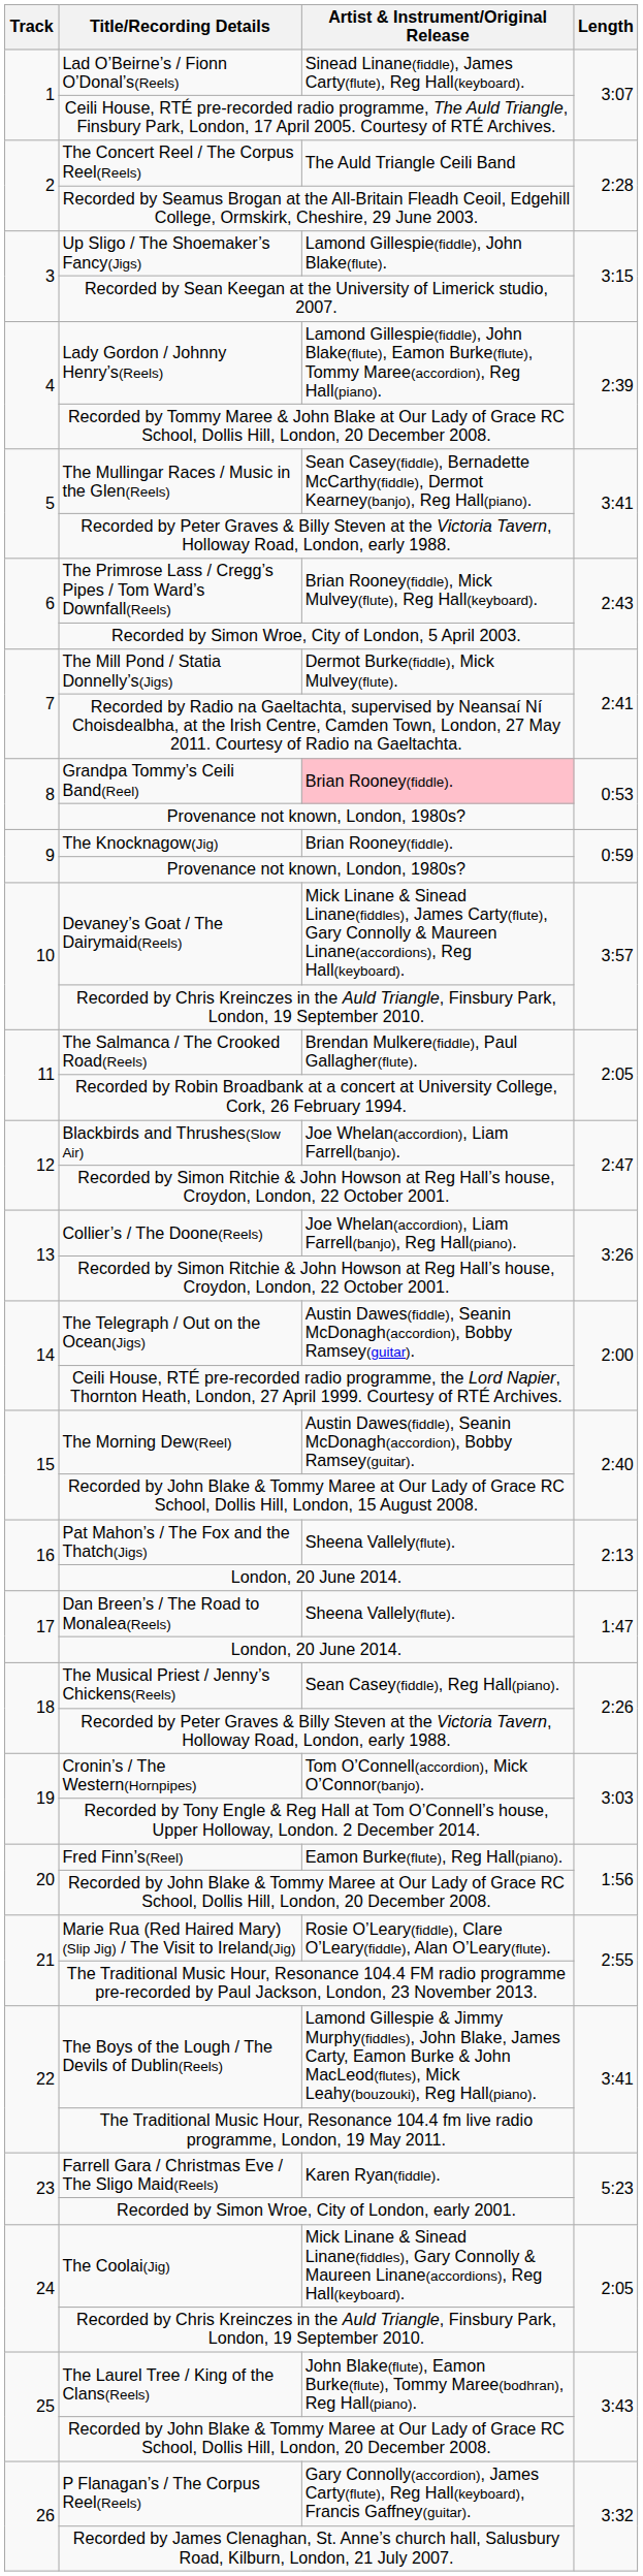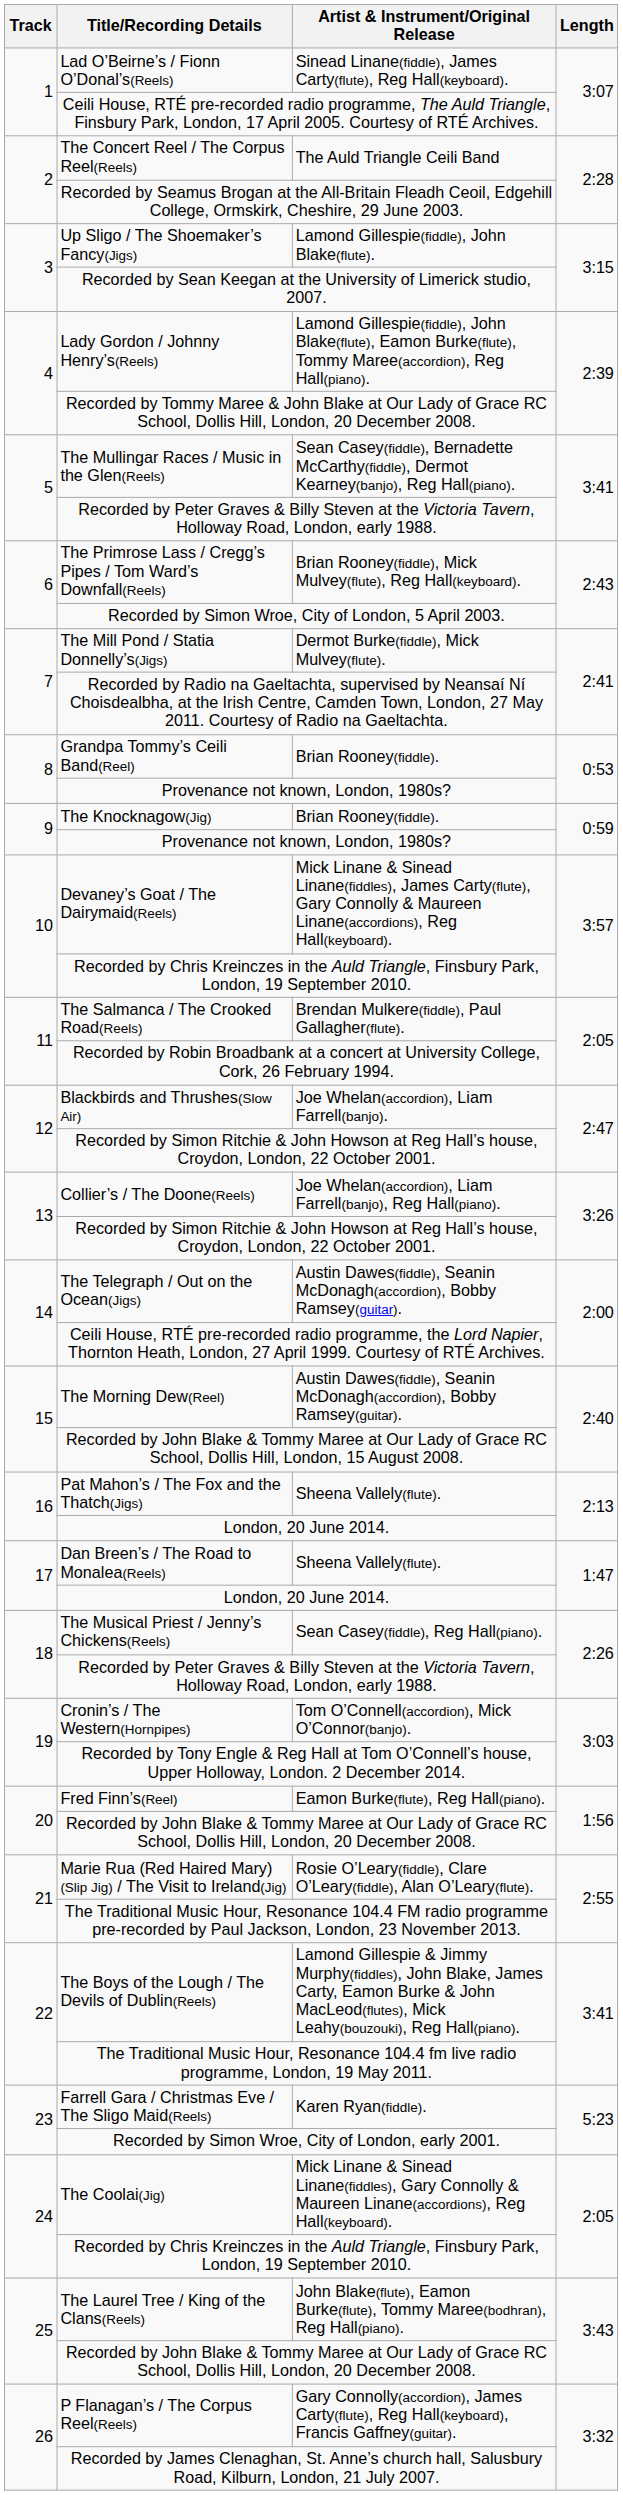 <table class="wikitable collapsible collapsed">
 <tr>
 <th style="width:  50px">Track</th>
 <th style="width: 450px">Title/Recording Details</th>
 <th style="width: 500px">Artist & Instrument/Original Release</th>
 <th style="width:  50px">Length</th>
 </tr>
 <tr>
 <td rowspan=2 style="text-align: right;">1</td>
 <td>Lad O’Beirne’s / Fionn O’Donal’s<small>(Reels)</small></td>
 <td>Sinead Linane<small>(fiddle)</small>, James Carty<small>(flute)</small>, Reg Hall<small>(keyboard)</small>.</td>
 <td rowspan=2 style="text-align: right;">3:07</td>
 </tr>
 <tr>
 <td colspan = 2 style="text-align: center">Ceili House, RTÉ pre-recorded radio programme, <em>The Auld Triangle</em>, Finsbury Park, London, 17 April 2005.  Courtesy of RTÉ Archives.</td>
 </tr>
 <tr>
 <td rowspan=2 style="text-align: right;">2</td>
 <td>The Concert Reel / The Corpus Reel<small>(Reels)</small></td>
 <td>The Auld Triangle Ceili Band</td>
 <td rowspan=2 style="text-align: right;">2:28</td>
 </tr>
 <tr>
 <td colspan = 2 style="text-align: center">Recorded by Seamus Brogan at the All-Britain Fleadh Ceoil, Edgehill College, Ormskirk, Cheshire, 29 June 2003.</td>
 </tr>
 <tr>
 <td rowspan=2 style="text-align: right;">3</td>
 <td>Up Sligo / The Shoemaker’s Fancy<small>(Jigs)</small></td>
 <td>Lamond Gillespie<small>(fiddle)</small>, John Blake<small>(flute)</small>.</td>
 <td rowspan=2 style="text-align: right;">3:15</td>
 </tr>
 <tr>
 <td colspan = 2 style="text-align: center">Recorded by Sean Keegan at the University of Limerick studio, 2007.</td>
 </tr>
 <tr>
 <td rowspan=2 style="text-align: right;">4</td>
 <td>Lady Gordon / Johnny Henry’s<small>(Reels)</small></td>
 <td>Lamond Gillespie<small>(fiddle)</small>, John Blake<small>(flute)</small>, Eamon Burke<small>(flute)</small>, Tommy Maree<small>(accordion)</small>, Reg Hall<small>(piano)</small>.</td>
 <td rowspan=2 style="text-align: right;">2:39</td>
 </tr>
 <tr>
 <td colspan = 2 style="text-align: center">Recorded by Tommy Maree & John Blake at Our Lady of Grace RC School, Dollis Hill, London, 20 December 2008.</td>
 </tr>
 <tr>
 <td rowspan=2 style="text-align: right;">5</td>
 <td>The Mullingar Races / Music in the Glen<small>(Reels)</small></td>
 <td>Sean Casey<small>(fiddle)</small>, Bernadette McCarthy<small>(fiddle)</small>, Dermot Kearney<small>(banjo)</small>, Reg Hall<small>(piano)</small>.</td>
 <td rowspan=2 style="text-align: right;">3:41</td>
 </tr>
 <tr>
 <td colspan = 2 style="text-align: center">Recorded by Peter Graves & Billy Steven at the <em>Victoria Tavern</em>, Holloway Road, London, early 1988.</td>
 </tr>
 <tr>
 <td rowspan=2 style="text-align: right;">6</td>
 <td>The Primrose Lass / Cregg’s Pipes / Tom Ward’s Downfall<small>(Reels)</small></td>
 <td>Brian Rooney<small>(fiddle)</small>, Mick Mulvey<small>(flute)</small>, Reg Hall<small>(keyboard)</small>.</td>
 <td rowspan=2 style="text-align: right;">2:43</td>
 </tr>
 <tr>
 <td colspan = 2 style="text-align: center">Recorded by Simon Wroe, City of London, 5 April 2003.</td>
 </tr>
 <tr>
 <td rowspan=2 style="text-align: right;">7</td>
 <td>The Mill Pond / Statia Donnelly’s<small>(Jigs)</small></td>
 <td>Dermot Burke<small>(fiddle)</small>, Mick Mulvey<small>(flute)</small>.</td>
 <td rowspan=2 style="text-align: right;">2:41</td>
 </tr>
 <tr>
 <td colspan = 2 style="text-align: center">Recorded by Radio na Gaeltachta, supervised by Neansaí Ní Choisdealbha, at the Irish Centre, Camden Town, London, 27 May 2011. Courtesy of Radio na Gaeltachta.</td>
 </tr>
 <tr>
 <td rowspan=2 style="text-align: right;">8</td>
 <td>Grandpa Tommy’s Ceili Band<small>(Reel)</small></td>
-<td style="background: pink;">Brian Rooney<small>(fiddle)</small>.</td>
+<td>Brian Rooney<small>(fiddle)</small>.</td>
 <td rowspan=2 style="text-align: right;">0:53</td>
 </tr>
 <tr>
 <td colspan = 2 style="text-align: center">Provenance not known, London, 1980s?</td>
 </tr>
 <tr>
 <td rowspan=2 style="text-align: right;">9</td>
 <td>The Knocknagow<small>(Jig)</small></td>
 <td>Brian Rooney<small>(fiddle)</small>.</td>
 <td rowspan=2 style="text-align: right;">0:59</td>
 </tr>
 <tr>
 <td colspan = 2 style="text-align: center">Provenance not known, London, 1980s?</td>
 </tr>
 <tr>
 <td rowspan=2 style="text-align: right;">10</td>
 <td>Devaney’s Goat / The Dairymaid<small>(Reels)</small></td>
 <td>Mick Linane & Sinead Linane<small>(fiddles)</small>, James Carty<small>(flute)</small>, Gary Connolly & Maureen Linane<small>(accordions)</small>, Reg Hall<small>(keyboard)</small>.</td>
 <td rowspan=2 style="text-align: right;">3:57</td>
 </tr>
 <tr>
 <td colspan = 2 style="text-align: center">Recorded by Chris Kreinczes in the <em>Auld Triangle</em>, Finsbury Park, London, 19 September 2010.</td>
 </tr>
 <tr>
 <td rowspan=2 style="text-align: right;">11</td>
 <td>The Salmanca / The Crooked Road<small>(Reels)</small></td>
 <td>Brendan Mulkere<small>(fiddle)</small>, Paul Gallagher<small>(flute)</small>.</td>
 <td rowspan=2 style="text-align: right;">2:05</td>
 </tr>
 <tr>
 <td colspan = 2 style="text-align: center">Recorded by Robin Broadbank at a concert at University College, Cork, 26 February 1994.</td>
 </tr>
 <tr>
 <td rowspan=2 style="text-align: right;">12</td>
 <td>Blackbirds and Thrushes<small>(Slow Air)</small></td>
 <td>Joe Whelan<small>(accordion)</small>, Liam Farrell<small>(banjo)</small>.</td>
 <td rowspan=2 style="text-align: right;">2:47</td>
 </tr>
 <tr>
 <td colspan = 2 style="text-align: center">Recorded by Simon Ritchie & John Howson at Reg Hall’s house, Croydon, London, 22 October 2001.</td>
 </tr>
 <tr>
 <td rowspan=2 style="text-align: right;">13</td>
 <td>Collier’s / The Doone<small>(Reels)</small></td>
 <td>Joe Whelan<small>(accordion)</small>, Liam Farrell<small>(banjo)</small>, Reg Hall<small>(piano)</small>.</td>
 <td rowspan=2 style="text-align: right;">3:26</td>
 </tr>
 <tr>
 <td colspan = 2 style="text-align: center">Recorded by Simon Ritchie & John Howson at Reg Hall’s house, Croydon, London, 22 October 2001.</td>
 </tr>
 <tr>
 <td rowspan=2 style="text-align: right;">14</td>
 <td>The Telegraph / Out on the Ocean<small>(Jigs)</small></td>
 <td>Austin Dawes<small>(fiddle)</small>, Seanin McDonagh<small>(accordion)</small>, Bobby Ramsey<small>(<a href='#'>guitar</a>)</small>.</td>
 <td rowspan=2 style="text-align: right;">2:00</td>
 </tr>
 <tr>
 <td colspan = 2 style="text-align: center">Ceili House, RTÉ pre-recorded radio programme, the<em> Lord Napier</em>, Thornton Heath, London, 27 April 1999. Courtesy of RTÉ Archives.</td>
 </tr>
 <tr>
 <td rowspan=2 style="text-align: right;">15</td>
 <td>The Morning Dew<small>(Reel)</small></td>
 <td>Austin Dawes<small>(fiddle)</small>, Seanin McDonagh<small>(accordion)</small>, Bobby Ramsey<small>(guitar)</small>.</td>
 <td rowspan=2 style="text-align: right;">2:40</td>
 </tr>
 <tr>
 <td colspan = 2 style="text-align: center">Recorded by John Blake & Tommy Maree at Our Lady of Grace RC School, Dollis Hill, London, 15 August 2008.</td>
 </tr>
 <tr>
 <td rowspan=2 style="text-align: right;">16</td>
 <td>Pat Mahon’s / The Fox and the Thatch<small>(Jigs)</small></td>
 <td>Sheena Vallely<small>(flute)</small>.</td>
 <td rowspan=2 style="text-align: right;">2:13</td>
 </tr>
 <tr>
 <td colspan = 2 style="text-align: center">London, 20 June 2014.</td>
 </tr>
 <tr>
 <td rowspan=2 style="text-align: right;">17</td>
 <td>Dan Breen’s / The Road to Monalea<small>(Reels)</small></td>
 <td>Sheena Vallely<small>(flute)</small>.</td>
 <td rowspan=2 style="text-align: right;">1:47</td>
 </tr>
 <tr>
 <td colspan = 2 style="text-align: center">London, 20 June 2014.</td>
 </tr>
 <tr>
 <td rowspan=2 style="text-align: right;">18</td>
 <td>The Musical Priest / Jenny’s Chickens<small>(Reels)</small></td>
 <td>Sean Casey<small>(fiddle)</small>, Reg Hall<small>(piano)</small>.</td>
 <td rowspan=2 style="text-align: right;">2:26</td>
 </tr>
 <tr>
 <td colspan = 2 style="text-align: center">Recorded by Peter Graves & Billy Steven at the <em>Victoria Tavern</em>, Holloway Road, London, early 1988.</td>
 </tr>
 <tr>
 <td rowspan=2 style="text-align: right;">19</td>
 <td>Cronin’s / The Western<small>(Hornpipes)</small></td>
 <td>Tom O’Connell<small>(accordion)</small>, Mick O’Connor<small>(banjo)</small>.</td>
 <td rowspan=2 style="text-align: right;">3:03</td>
 </tr>
 <tr>
 <td colspan = 2 style="text-align: center">Recorded by Tony Engle & Reg Hall at Tom O’Connell’s house, Upper Holloway, London. 2 December 2014.</td>
 </tr>
 <tr>
 <td rowspan=2 style="text-align: right;">20</td>
 <td>Fred Finn’s<small>(Reel)</small></td>
 <td>Eamon Burke<small>(flute)</small>, Reg Hall<small>(piano)</small>.</td>
 <td rowspan=2 style="text-align: right;">1:56</td>
 </tr>
 <tr>
 <td colspan = 2 style="text-align: center">Recorded by John Blake & Tommy Maree at Our Lady of Grace RC School, Dollis Hill, London, 20 December 2008.</td>
 </tr>
 <tr>
 <td rowspan=2 style="text-align: right;">21</td>
 <td>Marie Rua (Red Haired Mary)<small>(Slip Jig)</small> /  The Visit to Ireland<small>(Jig)</small></td>
 <td>Rosie O’Leary<small>(fiddle)</small>, Clare O’Leary<small>(fiddle)</small>, Alan O’Leary<small>(flute)</small>.</td>
 <td rowspan=2 style="text-align: right;">2:55</td>
 </tr>
 <tr>
 <td colspan = 2 style="text-align: center">The Traditional Music Hour, Resonance 104.4 FM radio programme pre-recorded by Paul Jackson, London, 23 November 2013.</td>
 </tr>
 <tr>
 <td rowspan=2 style="text-align: right;">22</td>
 <td>The Boys of the Lough / The Devils of Dublin<small>(Reels)</small></td>
 <td>Lamond Gillespie & Jimmy Murphy<small>(fiddles)</small>, John Blake, James Carty, Eamon Burke & John MacLeod<small>(flutes)</small>, Mick Leahy<small>(bouzouki)</small>, Reg Hall<small>(piano)</small>.</td>
 <td rowspan=2 style="text-align: right;">3:41</td>
 </tr>
 <tr>
 <td colspan = 2 style="text-align: center">The Traditional Music Hour, Resonance 104.4 fm live radio programme, London, 19 May 2011.</td>
 </tr>
 <tr>
 <td rowspan=2 style="text-align: right;">23</td>
 <td>Farrell Gara / Christmas Eve / The Sligo Maid<small>(Reels)</small></td>
 <td>Karen Ryan<small>(fiddle)</small>.</td>
 <td rowspan=2 style="text-align: right;">5:23</td>
 </tr>
 <tr>
 <td colspan = 2 style="text-align: center">Recorded by Simon Wroe, City of London, early 2001.</td>
 </tr>
 <tr>
 <td rowspan=2 style="text-align: right;">24</td>
 <td>The Coolai<small>(Jig)</small></td>
 <td>Mick Linane & Sinead Linane<small>(fiddles)</small>, Gary Connolly & Maureen Linane<small>(accordions)</small>, Reg Hall<small>(keyboard)</small>.</td>
 <td rowspan=2 style="text-align: right;">2:05</td>
 </tr>
 <tr>
 <td colspan = 2 style="text-align: center">Recorded by Chris Kreinczes in the <em>Auld Triangle</em>, Finsbury Park, London, 19 September 2010.</td>
 </tr>
 <tr>
 <td rowspan=2 style="text-align: right;">25</td>
 <td>The Laurel Tree / King of the Clans<small>(Reels)</small></td>
 <td>John Blake<small>(flute)</small>, Eamon Burke<small>(flute)</small>, Tommy Maree<small>(bodhran)</small>, Reg Hall<small>(piano)</small>.</td>
 <td rowspan=2 style="text-align: right;">3:43</td>
 </tr>
 <tr>
 <td colspan = 2 style="text-align: center">Recorded by John Blake & Tommy Maree at Our Lady of Grace RC School, Dollis Hill, London, 20 December 2008.</td>
 </tr>
 <tr>
 <td rowspan=2 style="text-align: right;">26</td>
 <td>P Flanagan’s / The Corpus Reel<small>(Reels)</small></td>
 <td>Gary Connolly<small>(accordion)</small>, James Carty<small>(flute)</small>, Reg Hall<small>(keyboard)</small>, Francis Gaffney<small>(guitar)</small>.</td>
 <td rowspan=2 style="text-align: right;">3:32</td>
 </tr>
 <tr>
 <td colspan = 2 style="text-align: center">Recorded by James Clenaghan, St. Anne’s church hall, Salusbury Road, Kilburn, London, 21 July 2007.</td>
 </tr>
 </table>
